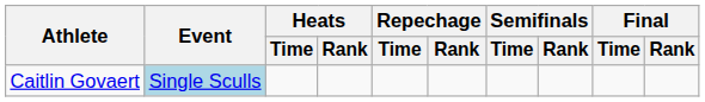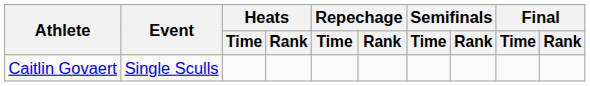 <table class="wikitable" style="font-size:90%">
 <tr>
 <th rowspan="2">Athlete</th>
 <th rowspan="2">Event</th>
 <th colspan="2">Heats</th>
 <th colspan="2">Repechage</th>
 <th colspan="2">Semifinals</th>
 <th colspan="2">Final</th>
 </tr>
 <tr style="font-size:95%">
 <th>Time</th>
 <th>Rank</th>
 <th>Time</th>
 <th>Rank</th>
 <th>Time</th>
 <th>Rank</th>
 <th>Time</th>
 <th>Rank</th>
 </tr>
 <tr align=center>
 <td align=left><a href='#'>Caitlin Govaert</a></td>
-<td align=left style="background: lightblue;"><a href='#'>Single Sculls</a></td>
+<td align=left><a href='#'>Single Sculls</a></td>
 <td></td>
 <td></td>
 <td></td>
 <td></td>
 <td></td>
 <td></td>
 <td></td>
 <td></td>
 </tr>
 </table>
